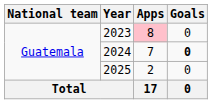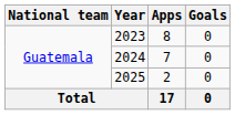 <table class="wikitable" style="text-align:center">
 <tr>
 <th>National team</th>
 <th>Year</th>
 <th>Apps</th>
 <th>Goals</th>
 </tr>
 <tr>
 <td rowspan="3"><a href='#'>Guatemala</a></td>
 <td>2023</td>
-<td style="background: pink;">8</td>
+<td>8</td>
 <td>0</td>
 </tr>
 <tr>
 <td>2024</td>
 <td>7</td>
-<td><strong>0</strong></td>
+<td>0</td>
 </tr>
 <tr>
 <td>2025</td>
 <td>2</td>
 <td>0</td>
 </tr>
 <tr>
 <th colspan="2">Total</th>
 <th>17</th>
 <th>0</th>
 </tr>
 </table>
